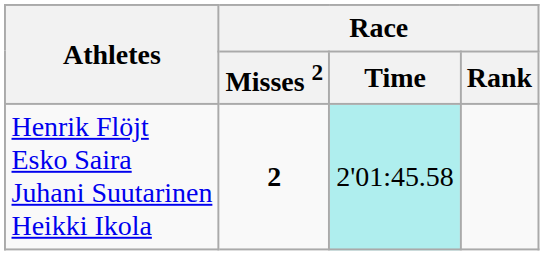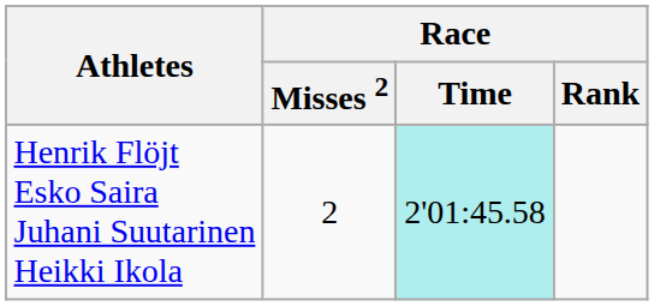 <table class="wikitable" border="1" style="font-size:90%">
 <tr>
 <th rowspan=2>Athletes</th>
 <th colspan=3>Race</th>
 </tr>
 <tr>
 <th>Misses <sup>2</sup></th>
 <th>Time</th>
 <th>Rank</th>
 </tr>
 <tr>
 <td><a href='#'>Henrik Flöjt</a><br><a href='#'>Esko Saira</a><br><a href='#'>Juhani Suutarinen</a><br><a href='#'>Heikki Ikola</a></td>
-<td align=center><strong>2</strong></td>
+<td align=center>2</td>
 <td align=center style="background: paleturquoise;">2'01:45.58</td>
 <td align=center></td>
 </tr>
 </table>
